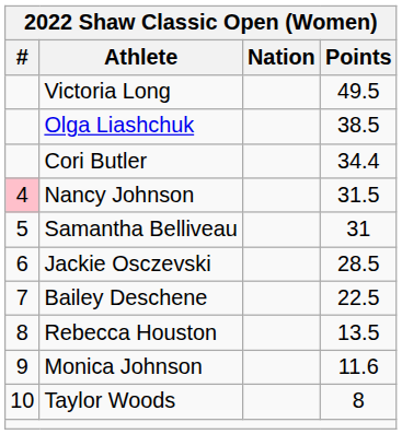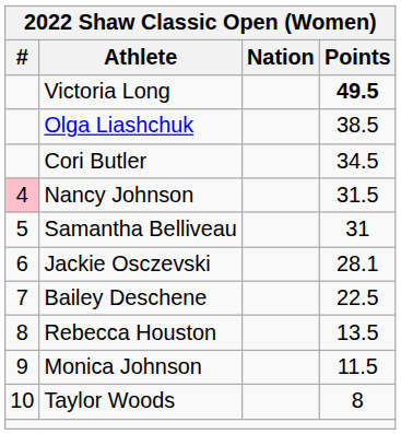 <table class="wikitable" style="display: inline-table; margin-left: 50px;text-align:center;">
 <tr>
 <th colspan="4">2022 Shaw Classic Open (Women)</th>
 </tr>
 <tr>
 <th scope="col" style="width: 10px;">#</th>
 <th scope="col">Athlete</th>
 <th scope="col">Nation</th>
 <th scope="col">Points</th>
 </tr>
 <tr>
 <td></td>
 <td align=left>Victoria Long</td>
 <td align=left></td>
-<td>49.5</td>
+<td><strong>49.5</strong></td>
 </tr>
 <tr>
 <td></td>
 <td align=left><a href='#'>Olga Liashchuk</a></td>
 <td align=left></td>
 <td>38.5</td>
 </tr>
 <tr>
 <td></td>
 <td align=left>Cori Butler</td>
 <td align=left></td>
-<td>34.4</td>
+<td>34.5</td>
 </tr>
 <tr>
 <td style="background: pink;">4</td>
 <td align=left>Nancy Johnson</td>
 <td align=left></td>
 <td>31.5</td>
 </tr>
 <tr>
 <td>5</td>
 <td align=left>Samantha Belliveau</td>
 <td align=left></td>
 <td>31</td>
 </tr>
 <tr>
 <td>6</td>
 <td align=left>Jackie Osczevski</td>
 <td align=left></td>
-<td>28.5</td>
+<td>28.1</td>
 </tr>
 <tr>
 <td>7</td>
 <td align=left>Bailey Deschene</td>
 <td align=left></td>
 <td>22.5</td>
 </tr>
 <tr>
 <td>8</td>
 <td align=left>Rebecca Houston</td>
 <td align=left></td>
 <td>13.5</td>
 </tr>
 <tr>
 <td>9</td>
 <td align=left>Monica Johnson</td>
 <td align=left></td>
-<td>11.6</td>
+<td>11.5</td>
 </tr>
 <tr>
 <td>10</td>
 <td align=left>Taylor Woods</td>
 <td align=left></td>
 <td>8</td>
 </tr>
 <tr class="sortbottom">
 <td colspan="4"></td>
 </tr>
 </table>
